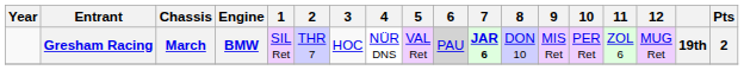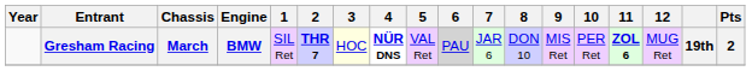 <table class="wikitable" style="text-align:center; font-size:90%">
 <tr>
 <th>Year</th>
 <th>Entrant</th>
 <th>Chassis</th>
 <th>Engine</th>
 <th>1</th>
 <th>2</th>
 <th>3</th>
 <th>4</th>
 <th>5</th>
 <th>6</th>
 <th>7</th>
 <th>8</th>
 <th>9</th>
 <th>10</th>
 <th>11</th>
 <th>12</th>
 <th></th>
 <th>Pts</th>
 </tr>
 <tr>
 <td></td>
 <th><a href='#'>Gresham Racing</a></th>
 <th><a href='#'>March</a></th>
 <th><a href='#'>BMW</a></th>
 <td style="background:#EFCFFF;"><a href='#'>SIL</a><br><small>Ret</small></td>
-<td style="background:#CFCFFF;"><a href='#'>THR</a><br><small>7</small></td>
-<td><a href='#'>HOC</a></td>
-<td style="background:#FFFFFF;"><a href='#'>NÜR</a><br><small>DNS</small></td>
+<td style="background:#CFCFFF;"><strong><a href='#'>THR</a><br><small>7</small></strong></td>
+<td style="background: lightyellow;"><a href='#'>HOC</a></td>
+<td style="background:#FFFFFF;"><strong><a href='#'>NÜR</a><br><small>DNS</small></strong></td>
 <td style="background:#EFCFFF;"><a href='#'>VAL</a><br><small>Ret</small></td>
 <td style="background: lightgrey;"><a href='#'>PAU</a></td>
-<td style="background:#DFFFDF;"><strong><a href='#'>JAR</a><br><small>6</small></strong></td>
+<td style="background:#DFFFDF;"><a href='#'>JAR</a><br><small>6</small></td>
 <td style="background:#CFCFFF;"><a href='#'>DON</a><br><small>10</small></td>
 <td style="background:#EFCFFF;"><a href='#'>MIS</a><br><small>Ret</small></td>
 <td style="background:#EFCFFF;"><a href='#'>PER</a><br><small>Ret</small></td>
-<td style="background:#DFFFDF;"><a href='#'>ZOL</a><br><small>6</small></td>
+<td style="background:#DFFFDF;"><strong><a href='#'>ZOL</a><br><small>6</small></strong></td>
 <td style="background:#EFCFFF;"><a href='#'>MUG</a><br><small>Ret</small></td>
 <th>19th</th>
 <th>2</th>
 </tr>
 <tr>
 </tr>
 </table>
